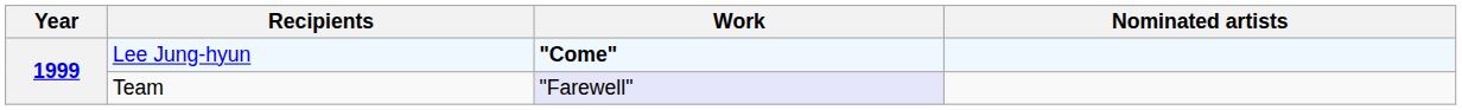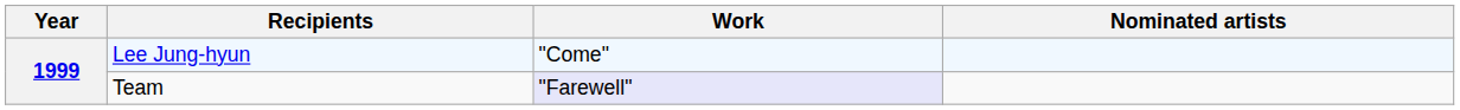 <table class="wikitable plainrowheaders sortable" style="width:88%">
 <tr>
 <th scope="col" width="6%">Year</th>
 <th scope="col" width="25%">Recipients</th>
 <th scope="col" width="24%">Work</th>
 <th scope="col" class="unsortable" width="30%">Nominated artists</th>
 </tr>
 <tr>
 <th style="text-align:center" rowspan=2><a href='#'>1999</a></th>
 <td style="background:#F0F8FF"><a href='#'>Lee Jung-hyun</a></td>
-<td style="background:#F0F8FF"><strong>"Come"</strong></td>
+<td style="background:#F0F8FF">"Come"</td>
 <td style="background:#F0F8FF; font-size: 97%;"></td>
 </tr>
 <tr>
 <td>Team</td>
 <td style="background: lavender;">"Farewell"</td>
 <td style="font-size: 97%;"></td>
 </tr>
 </table>
